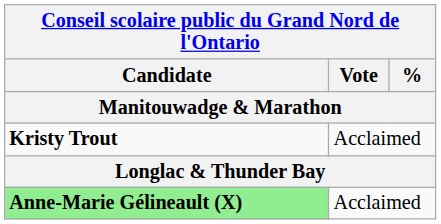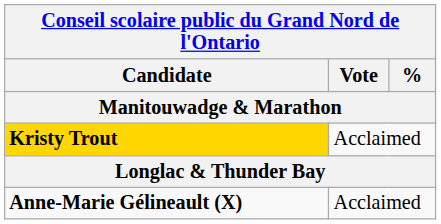 <table class="wikitable">
 <tr>
 <th colspan="3"><strong><a href='#'>Conseil scolaire public du Grand Nord de l'Ontario</a></strong></th>
 </tr>
 <tr>
 <th bgcolor="#DDDDFF" width="250px">Candidate</th>
 <th bgcolor="#DDDDFF" width="40px">Vote</th>
 <th bgcolor="#DDDDFF" width="30px">%</th>
 </tr>
 <tr>
 <th colspan="3">Manitouwadge & Marathon</th>
 </tr>
 <tr>
-<td><strong>Kristy Trout</strong></td>
+<td style="background: gold;"><strong>Kristy Trout</strong></td>
 <td colspan="2">Acclaimed</td>
 </tr>
 <tr>
 <th colspan="3">Longlac & Thunder Bay</th>
 </tr>
 <tr>
-<td style="background: lightgreen;"><strong>Anne-Marie Gélineault (X)</strong></td>
+<td><strong>Anne-Marie Gélineault (X)</strong></td>
 <td colspan="2">Acclaimed</td>
 </tr>
 </table>
